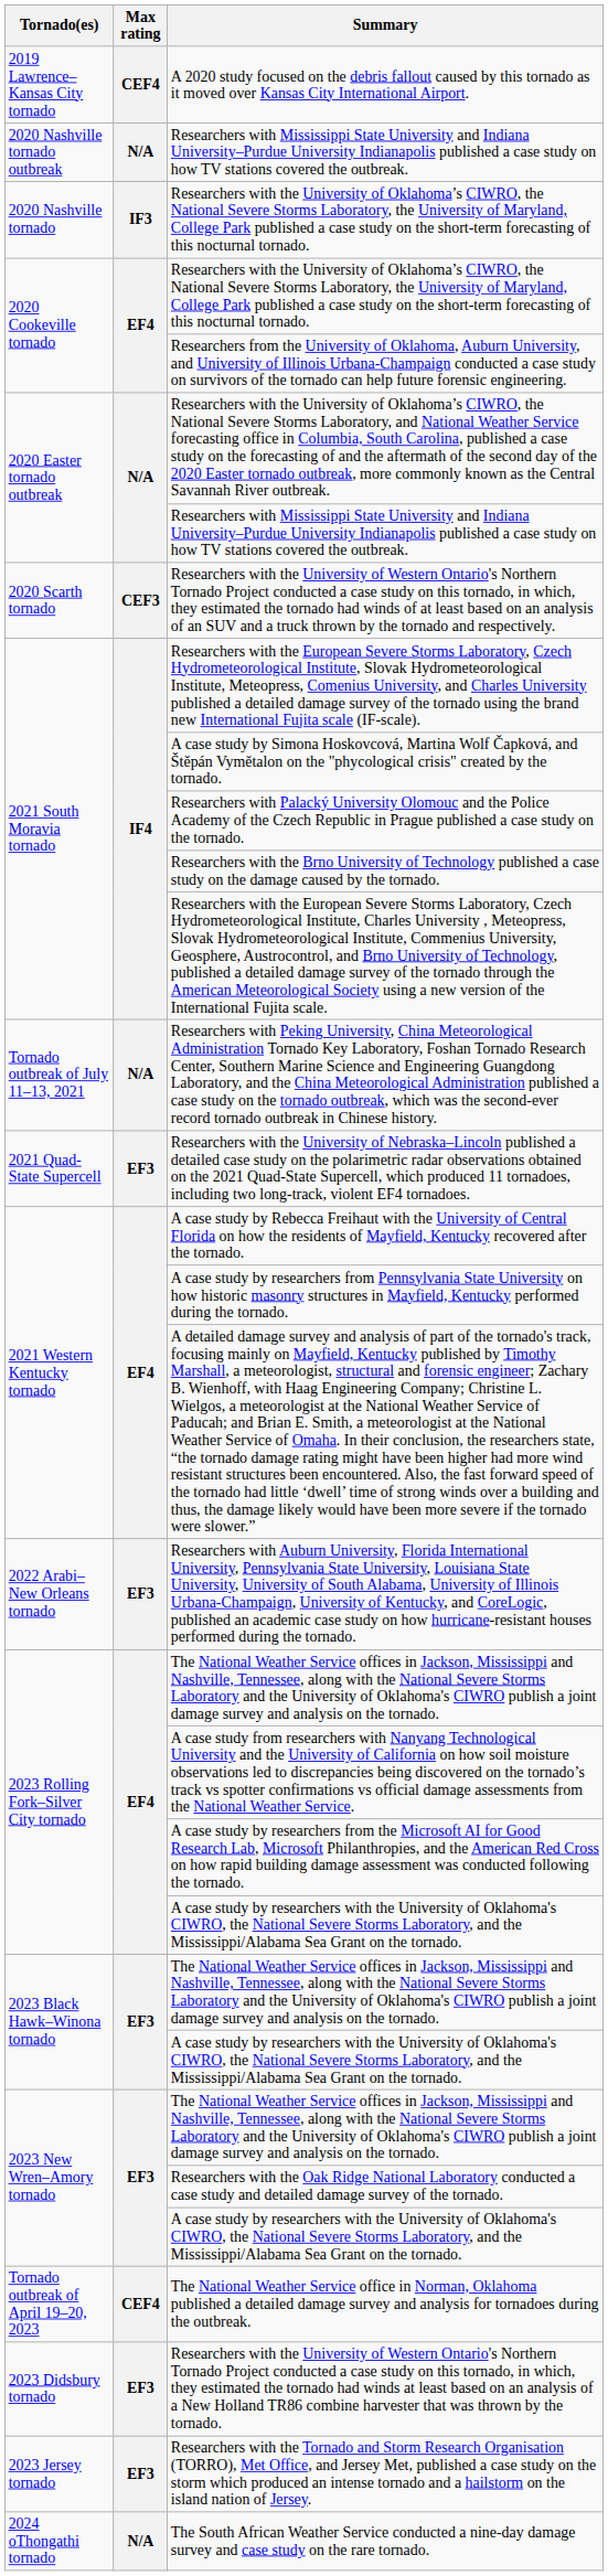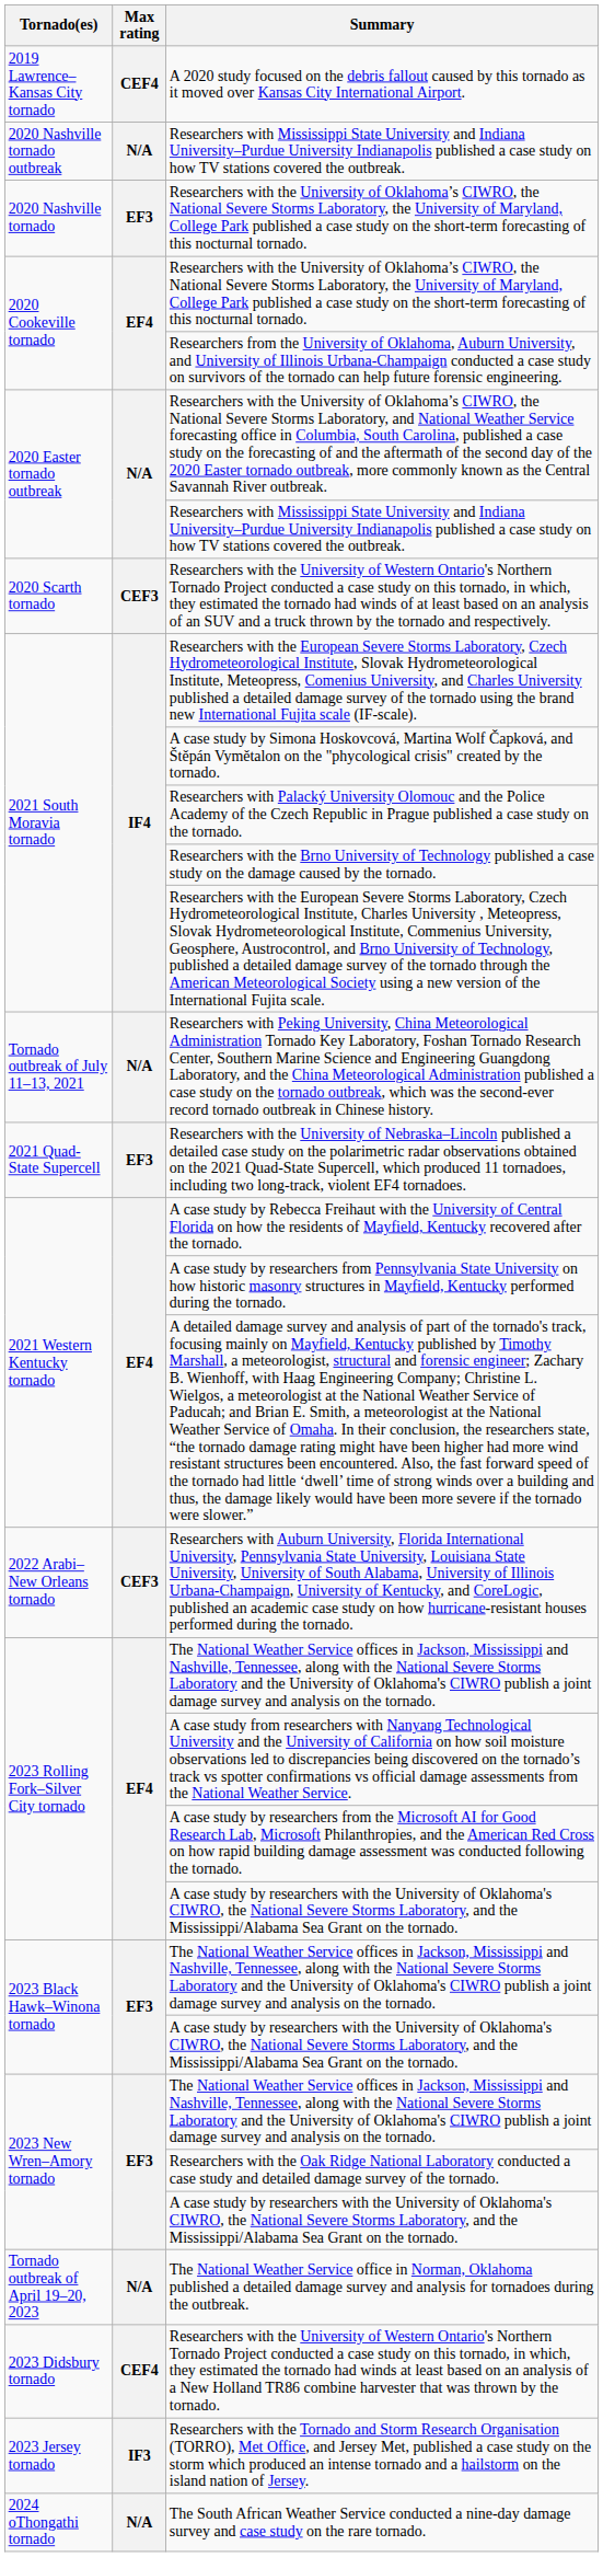 <table class="wikitable sortable" style="width:100%;">
 <tr>
 <th scope="col"  style="width:15%; text-align:center;">Tornado(es)</th>
 <th scope="col"  style="width:5%; text-align:center;">Max rating</th>
 <th scope="col"  style="width:60%; text-align:center;">Summary</th>
 </tr>
 <tr>
 <td scope="row" rowspan="1"><a href='#'>2019 Lawrence–Kansas City tornado</a></td>
 <th scope="row" rowspan="1" style="background-color:#">CEF4</th>
 <td>A 2020 study focused on the <a href='#'>debris fallout</a> caused by this tornado as it moved over <a href='#'>Kansas City International Airport</a>.</td>
 </tr>
 <tr>
 <td scope="row" rowspan="1"><a href='#'>2020 Nashville tornado outbreak</a></td>
 <th scope="row" rowspan="1" style="background-color:#">N/A</th>
 <td>Researchers with <a href='#'>Mississippi State University</a> and <a href='#'>Indiana University–Purdue University Indianapolis</a> published a case study on how TV stations covered the outbreak.</td>
 </tr>
 <tr>
 <td scope="row" rowspan="1"><a href='#'>2020 Nashville tornado</a></td>
-<th scope="row" rowspan="1" style="background-color:#">IF3</th>
+<th scope="row" rowspan="1" style="background-color:#">EF3</th>
 <td>Researchers with the <a href='#'>University of Oklahoma</a>’s <a href='#'>CIWRO</a>, the <a href='#'>National Severe Storms Laboratory</a>, the <a href='#'>University of Maryland, College Park</a> published a case study on the short-term forecasting of this nocturnal tornado.</td>
 </tr>
 <tr>
 <td scope="row" rowspan="2"><a href='#'>2020 Cookeville tornado</a></td>
 <th scope="row" rowspan="2" style="background-color:#">EF4</th>
 <td>Researchers with the University of Oklahoma’s <a href='#'>CIWRO</a>, the National Severe Storms Laboratory, the <a href='#'>University of Maryland, College Park</a> published a case study on the short-term forecasting of this nocturnal tornado.</td>
 </tr>
 <tr>
 <td>Researchers from the <a href='#'>University of Oklahoma</a>, <a href='#'>Auburn University</a>, and <a href='#'>University of Illinois Urbana-Champaign</a> conducted a case study on survivors of the tornado can help future forensic engineering.</td>
 </tr>
 <tr>
 <td scope="row" rowspan="2"><a href='#'>2020 Easter tornado outbreak</a></td>
 <th scope="row" rowspan="2" style="background-color:#">N/A</th>
 <td>Researchers with the University of Oklahoma’s <a href='#'>CIWRO</a>, the National Severe Storms Laboratory, and <a href='#'>National Weather Service</a> forecasting office in <a href='#'>Columbia, South Carolina</a>, published a case study on the forecasting of and the aftermath of the second day of the <a href='#'>2020 Easter tornado outbreak</a>, more commonly known as the Central Savannah River outbreak.</td>
 </tr>
 <tr>
 <td>Researchers with <a href='#'>Mississippi State University</a> and <a href='#'>Indiana University–Purdue University Indianapolis</a> published a case study on how TV stations covered the outbreak.</td>
 </tr>
 <tr>
 <td scope="row" rowspan="1"><a href='#'>2020 Scarth tornado</a></td>
 <th scope="row" rowspan="1" style="background-color:#">CEF3</th>
 <td>Researchers with the <a href='#'>University of Western Ontario</a>'s Northern Tornado Project conducted a case study on this tornado, in which, they estimated the tornado had winds of at least  based on an analysis of an SUV and a truck thrown by the tornado  and  respectively.</td>
 </tr>
 <tr>
 <td scope="row" rowspan="5"><a href='#'>2021 South Moravia tornado</a></td>
 <th scope="row" rowspan="5" style="background-color:#">IF4</th>
 <td>Researchers with the <a href='#'>European Severe Storms Laboratory</a>, <a href='#'>Czech Hydrometeorological Institute</a>, Slovak Hydrometeorological Institute, Meteopress, <a href='#'>Comenius University</a>, and <a href='#'>Charles University</a> published a detailed damage survey of the tornado using the brand new <a href='#'>International Fujita scale</a> (IF-scale).</td>
 </tr>
 <tr>
 <td>A case study by Simona Hoskovcová, Martina Wolf Čapková, and Štěpán Vymětalon on the "phycological crisis" created by the tornado.</td>
 </tr>
 <tr>
 <td>Researchers with <a href='#'>Palacký University Olomouc</a> and the Police Academy of the Czech Republic in Prague published a case study on the tornado.</td>
 </tr>
 <tr>
 <td>Researchers with the <a href='#'>Brno University of Technology</a> published a case study on the damage caused by the tornado.</td>
 </tr>
 <tr>
 <td>Researchers with the European Severe Storms Laboratory, Czech Hydrometeorological Institute, Charles University , Meteopress, Slovak Hydrometeorological Institute, Commenius University, Geosphere, Austrocontrol, and <a href='#'>Brno University of Technology</a>, published a detailed damage survey of the tornado through the <a href='#'>American Meteorological Society</a> using a new version of the International Fujita scale.</td>
 </tr>
 <tr>
 <td scope="row" rowspan="1"><a href='#'>Tornado outbreak of July 11–13, 2021</a></td>
 <th scope="row" rowspan="1" style="background-color:#">N/A</th>
 <td>Researchers with <a href='#'>Peking University</a>, <a href='#'>China Meteorological Administration</a> Tornado Key Laboratory, Foshan Tornado Research Center, Southern Marine Science and Engineering Guangdong Laboratory, and the <a href='#'>China Meteorological Administration</a> published a case study on the <a href='#'>tornado outbreak</a>, which was the second-ever record tornado outbreak in Chinese history.</td>
 </tr>
 <tr>
 <td scope="row" rowspan="1"><a href='#'>2021 Quad-State Supercell</a></td>
 <th scope="row" rowspan="1" style="background-color:#">EF3</th>
 <td>Researchers with the <a href='#'>University of Nebraska–Lincoln</a> published a detailed case study on the polarimetric radar observations obtained on the 2021 Quad-State Supercell, which produced 11 tornadoes, including two long-track, violent EF4 tornadoes.</td>
 </tr>
 <tr>
 <td scope="row" rowspan="3"><a href='#'>2021 Western Kentucky tornado</a></td>
 <th scope="row" rowspan="3" style="background-color:#">EF4</th>
 <td>A case study by Rebecca Freihaut with the <a href='#'>University of Central Florida</a> on how the residents of <a href='#'>Mayfield, Kentucky</a> recovered after the tornado.</td>
 </tr>
 <tr>
 <td>A case study by researchers from <a href='#'>Pennsylvania State University</a> on how historic <a href='#'>masonry</a> structures in <a href='#'>Mayfield, Kentucky</a> performed during the tornado.</td>
 </tr>
 <tr>
 <td>A detailed damage survey and analysis of part of the tornado's track, focusing mainly on <a href='#'>Mayfield, Kentucky</a> published by <a href='#'>Timothy Marshall</a>, a meteorologist, <a href='#'>structural</a> and <a href='#'>forensic engineer</a>; Zachary B. Wienhoff, with Haag Engineering Company; Christine L. Wielgos, a meteorologist at the National Weather Service of Paducah; and Brian E. Smith, a meteorologist at the National Weather Service of <a href='#'>Omaha</a>. In their conclusion, the researchers state, “the tornado damage rating might have been higher had more wind resistant structures been encountered. Also, the fast forward speed of the tornado had little ‘dwell’ time of strong winds over a building and thus, the damage likely would have been more severe if the tornado were slower.”</td>
 </tr>
 <tr>
 <td><a href='#'>2022 Arabi–New Orleans tornado</a></td>
-<th scope="row" style="background-color:#">EF3</th>
+<th scope="row" rowspan="1" style="background-color:#">CEF3</th>
 <td>Researchers with <a href='#'>Auburn University</a>, <a href='#'>Florida International University</a>, <a href='#'>Pennsylvania State University</a>, <a href='#'>Louisiana State University</a>, <a href='#'>University of South Alabama</a>, <a href='#'>University of Illinois Urbana-Champaign</a>, <a href='#'>University of Kentucky</a>, and <a href='#'>CoreLogic</a>, published an academic case study on how <a href='#'>hurricane</a>-resistant houses performed during the tornado.</td>
 </tr>
 <tr>
 <td scope="row" rowspan="4"><a href='#'>2023 Rolling Fork–Silver City tornado</a></td>
 <th scope="row" rowspan="4" style="background-color:#">EF4</th>
 <td>The <a href='#'>National Weather Service</a> offices in <a href='#'>Jackson, Mississippi</a> and <a href='#'>Nashville, Tennessee</a>, along with the <a href='#'>National Severe Storms Laboratory</a> and the University of Oklahoma's <a href='#'>CIWRO</a> publish a joint damage survey and analysis on the tornado.</td>
 </tr>
 <tr>
 <td>A case study from researchers with <a href='#'>Nanyang Technological University</a> and the <a href='#'>University of California</a> on how soil moisture observations led to discrepancies being discovered on the tornado’s track vs spotter confirmations vs official damage assessments from the <a href='#'>National Weather Service</a>.</td>
 </tr>
 <tr>
 <td>A case study by researchers from the <a href='#'>Microsoft AI for Good Research Lab</a>, <a href='#'>Microsoft</a> Philanthropies, and the <a href='#'>American Red Cross</a> on how rapid building damage assessment was conducted following the tornado.</td>
 </tr>
 <tr>
 <td>A case study by researchers with the University of Oklahoma's <a href='#'>CIWRO</a>, the <a href='#'>National Severe Storms Laboratory</a>, and the Mississippi/Alabama Sea Grant on the tornado.</td>
 </tr>
 <tr>
 <td scope="row" rowspan="2"><a href='#'>2023 Black Hawk–Winona tornado</a></td>
 <th scope="row" rowspan="2" style="background-color:#">EF3</th>
 <td>The <a href='#'>National Weather Service</a> offices in <a href='#'>Jackson, Mississippi</a> and <a href='#'>Nashville, Tennessee</a>, along with the <a href='#'>National Severe Storms Laboratory</a> and the University of Oklahoma's <a href='#'>CIWRO</a> publish a joint damage survey and analysis on the tornado.</td>
 </tr>
 <tr>
 <td>A case study by researchers with the University of Oklahoma's <a href='#'>CIWRO</a>, the <a href='#'>National Severe Storms Laboratory</a>, and the Mississippi/Alabama Sea Grant on the tornado.</td>
 </tr>
 <tr>
 <td scope="row" rowspan="3"><a href='#'>2023 New Wren–Amory tornado</a></td>
 <th scope="row" rowspan="3" style="background-color:#">EF3</th>
 <td>The <a href='#'>National Weather Service</a> offices in <a href='#'>Jackson, Mississippi</a> and <a href='#'>Nashville, Tennessee</a>, along with the <a href='#'>National Severe Storms Laboratory</a> and the University of Oklahoma's <a href='#'>CIWRO</a> publish a joint damage survey and analysis on the tornado.</td>
 </tr>
 <tr>
 <td>Researchers with the <a href='#'>Oak Ridge National Laboratory</a> conducted a case study and detailed damage survey of the tornado.</td>
 </tr>
 <tr>
 <td>A case study by researchers with the University of Oklahoma's <a href='#'>CIWRO</a>, the <a href='#'>National Severe Storms Laboratory</a>, and the Mississippi/Alabama Sea Grant on the tornado.</td>
 </tr>
 <tr>
 <td scope="row" rowspan="1"><a href='#'>Tornado outbreak of April 19–20, 2023</a></td>
-<th scope="row" rowspan="1" style="background-color:#">CEF4</th>
+<th scope="row" rowspan="1" style="background-color:#">N/A</th>
 <td>The <a href='#'>National Weather Service</a> office in <a href='#'>Norman, Oklahoma</a> published a detailed damage survey and analysis for tornadoes during the outbreak.</td>
 </tr>
 <tr>
 <td scope="row" rowspan="1"><a href='#'>2023 Didsbury tornado</a></td>
-<th scope="row" rowspan="1" style="background-color:#">EF3</th>
+<th scope="row" rowspan="1" style="background-color:#">CEF4</th>
 <td>Researchers with the <a href='#'>University of Western Ontario</a>'s Northern Tornado Project conducted a case study on this tornado, in which, they estimated the tornado had winds at least  based on an analysis of a New Holland TR86 combine harvester that was thrown  by the tornado.</td>
 </tr>
 <tr>
 <td scope="row" rowspan="1"><a href='#'>2023 Jersey tornado</a></td>
-<th scope="row" rowspan="1" style="background-color:#">EF3</th>
+<th scope="row" rowspan="1" style="background-color:#">IF3</th>
 <td>Researchers with the <a href='#'>Tornado and Storm Research Organisation</a> (TORRO), <a href='#'>Met Office</a>, and Jersey Met, published a case study on the storm which produced an intense tornado and a <a href='#'>hailstorm</a> on the island nation of <a href='#'>Jersey</a>.</td>
 </tr>
 <tr>
 <td scope="row" rowspan="1"><a href='#'>2024 oThongathi tornado</a></td>
 <th scope="row" rowspan="1" style="background-color:#">N/A</th>
 <td>The South African Weather Service conducted a nine-day damage survey and <a href='#'>case study</a> on the rare tornado.</td>
 </tr>
 </table>
